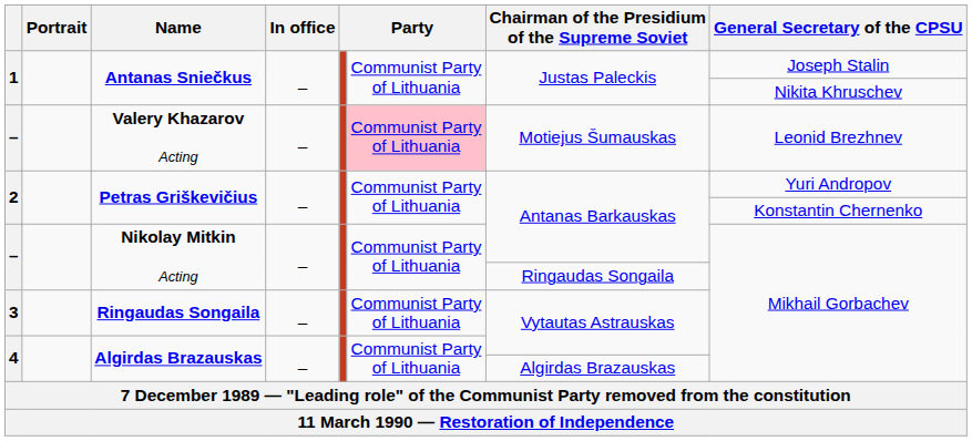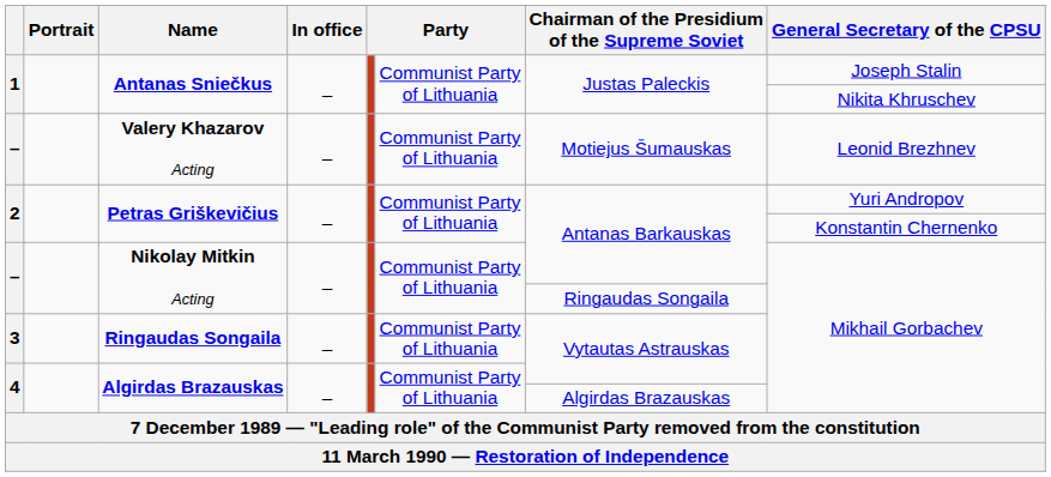 <table class="wikitable sticky-header" style="text-align:center;">
 <tr>
 <th scope="col" class="unsortable"></th>
 <th scope="col" class="unsortable">Portrait</th>
 <th scope="col">Name<br></th>
 <th scope="col" class="unsortable">In office</th>
 <th colspan="2" scope="col">Party</th>
 <th>Chairman of the Presidium<br>of the <a href='#'>Supreme Soviet</a></th>
 <th><a href='#'>General Secretary</a> of the <a href='#'>CPSU</a></th>
 </tr>
 <tr>
 <th rowspan="4">1</th>
 <td rowspan="4"></td>
 <td rowspan="4"><strong><a href='#'>Antanas Sniečkus</a></strong><br></td>
 <td rowspan="4"><br>–<br></td>
 <td rowspan="4" style="background-color:#C33B1E"></td>
 <td rowspan="4"><a href='#'>Communist Party</a><br><a href='#'>of Lithuania</a></td>
 <td rowspan="3"><a href='#'>Justas Paleckis</a><br></td>
 <td><a href='#'>Joseph Stalin</a></td>
 </tr>
 <tr>
 <td><a href='#'>Nikita Khruschev</a></td>
 </tr>
 <tr>
 <td rowspan="6"><a href='#'>Leonid Brezhnev</a></td>
 </tr>
 <tr>
 <td rowspan="4"><a href='#'>Motiejus Šumauskas</a><br></td>
 </tr>
 <tr>
 <th rowspan="2"><strong>–</strong></th>
 <td></td>
 <td><strong>Valery Khazarov</strong><br><br><em><small>Acting</small></em></td>
 <td><br>–<br></td>
 <td style="background-color:#C33B1E"></td>
-<td style="background: pink;"><a href='#'>Communist Party</a><br><a href='#'>of Lithuania</a></td>
+<td><a href='#'>Communist Party</a><br><a href='#'>of Lithuania</a></td>
 </tr>
 <tr>
 <td rowspan="6"></td>
 <td rowspan="6"><strong><a href='#'>Petras Griškevičius</a></strong><br></td>
 <td rowspan="6"><br>–<br></td>
 <td rowspan="6" style="background-color:#C33B1E"></td>
 <td rowspan="6"><a href='#'>Communist Party</a><br><a href='#'>of Lithuania</a></td>
 </tr>
 <tr>
 <th rowspan="6">2</th>
 </tr>
 <tr>
 <td rowspan="6"><a href='#'>Antanas Barkauskas</a><br></td>
 </tr>
 <tr>
 <td><a href='#'>Yuri Andropov</a></td>
 </tr>
 <tr>
 <td><a href='#'>Konstantin Chernenko</a></td>
 </tr>
 <tr>
 <td rowspan="8"><a href='#'>Mikhail Gorbachev</a></td>
 </tr>
 <tr>
 <td rowspan="3"></td>
 <td rowspan="3"><strong>Nikolay Mitkin</strong><br><br><em><small>Acting</small></em></td>
 <td rowspan="3"><br>–<br></td>
 <td rowspan="3" style="background-color:#C33B1E"></td>
 <td rowspan="3"><a href='#'>Communist Party</a><br><a href='#'>of Lithuania</a></td>
 </tr>
 <tr>
 <th rowspan="2"><strong>–</strong></th>
 </tr>
 <tr>
 <td><a href='#'>Ringaudas Songaila</a><br></td>
 </tr>
 <tr>
 <th rowspan="2">3</th>
 <td></td>
 <td><strong><a href='#'>Ringaudas Songaila</a></strong><br></td>
 <td><br>–<br></td>
 <td style="background-color:#C33B1E"></td>
 <td><a href='#'>Communist Party</a><br><a href='#'>of Lithuania</a></td>
 <td rowspan="3"><a href='#'>Vytautas Astrauskas</a><br></td>
 </tr>
 <tr>
 <td rowspan="3"></td>
 <td rowspan="3"><strong><a href='#'>Algirdas Brazauskas</a></strong><br></td>
 <td rowspan="3"><br>–<br></td>
 <td rowspan="3" style="background-color:#C33B1E"></td>
 <td rowspan="3"><a href='#'>Communist Party</a><br><a href='#'>of Lithuania</a></td>
 </tr>
 <tr>
 <th rowspan="2">4</th>
 </tr>
 <tr>
 <td><a href='#'>Algirdas Brazauskas</a><br></td>
 </tr>
 <tr>
 <th colspan="8">7 December 1989 — "Leading role" of the Communist Party removed from the constitution</th>
 </tr>
 <tr>
 <th colspan="8">11 March 1990 — <a href='#'>Restoration of Independence</a></th>
 </tr>
 </table>
